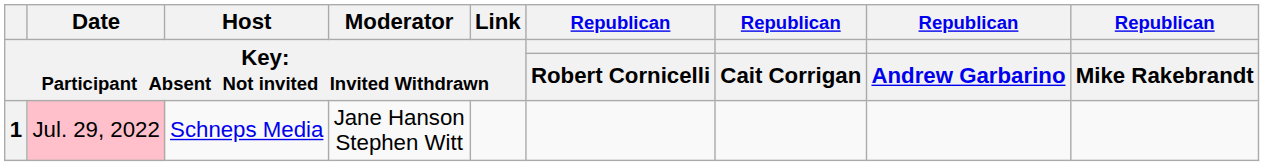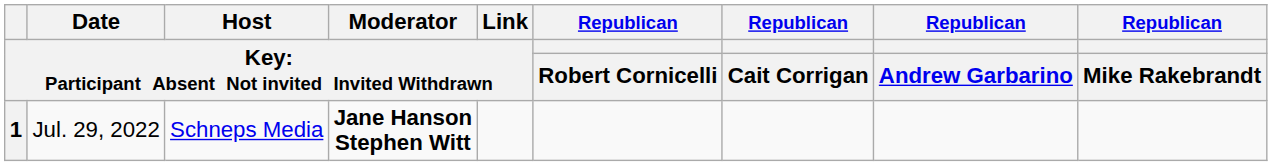 <table class="wikitable" style="text-align:center;">
 <tr>
 <th scope="col"></th>
 <th scope="col">Date</th>
 <th scope="col">Host</th>
 <th scope="col">Moderator</th>
 <th scope="col">Link</th>
 <th scope="col"><small><a href='#'>Republican</a></small></th>
 <th scope="col"><small><a href='#'>Republican</a></small></th>
 <th scope="col"><small><a href='#'>Republican</a></small></th>
 <th scope="col"><small><a href='#'>Republican</a></small></th>
 </tr>
 <tr>
 <th colspan="5" rowspan="2">Key:<br> <small>Participant </small>  <small>Absent </small>  <small>Not invited </small>  <small>Invited  Withdrawn</small></th>
 <th scope="col" style="background:"></th>
 <th scope="col" style="background:"></th>
 <th scope="col" style="background:"></th>
 <th scope="col" style="background:"></th>
 </tr>
 <tr>
 <th scope="col">Robert Cornicelli</th>
 <th scope="col">Cait Corrigan</th>
 <th scope="col"><a href='#'>Andrew Garbarino</a></th>
 <th scope="col">Mike Rakebrandt</th>
 </tr>
 <tr>
 <th>1</th>
-<td style="background: pink; white-space:nowrap;">Jul. 29, 2022</td>
+<td style="white-space:nowrap;">Jul. 29, 2022</td>
 <td style="white-space:nowrap;"><a href='#'>Schneps Media</a></td>
-<td style="white-space:nowrap;">Jane Hanson<br>Stephen Witt</td>
+<td style="white-space:nowrap;"><strong>Jane Hanson<br>Stephen Witt</strong></td>
 <td style="white-space:nowrap;"></td>
 <td></td>
 <td></td>
 <td></td>
 <td></td>
 </tr>
 </table>
